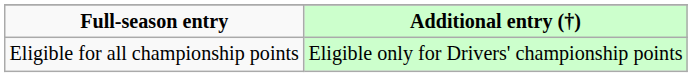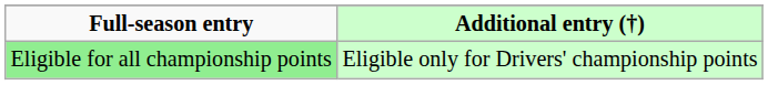 <table class="wikitable" style="font-size: 85%;">
 <tr>
 </tr>
 <tr>
 <td align="center"><strong>Full-season entry</strong></td>
 <td align="center" style="background-color: #ccffcc"><strong>Additional entry (†)</strong></td>
 </tr>
 <tr>
-<td>Eligible for all championship points</td>
+<td style="background: lightgreen;">Eligible for all championship points</td>
 <td style="background-color: #ccffcc">Eligible only for Drivers' championship points</td>
 </tr>
 </table>
